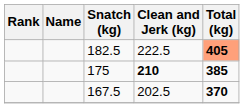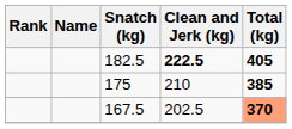 <table class="wikitable">
 <tr>
 <th>Rank</th>
 <th>Name</th>
 <th>Snatch <br> (kg)</th>
 <th>Clean and <br> Jerk (kg)</th>
 <th>Total <br> (kg)</th>
 </tr>
 <tr>
 <td align=center></td>
 <td></td>
 <td>182.5</td>
-<td>222.5</td>
-<td style="background: lightsalmon;"><strong>405</strong></td>
+<td><strong>222.5</strong></td>
+<td><strong>405</strong></td>
 </tr>
 <tr>
 <td align=center></td>
 <td></td>
 <td>175</td>
-<td><strong>210</strong></td>
+<td>210</td>
 <td><strong>385</strong></td>
 </tr>
 <tr>
 <td align=center></td>
 <td></td>
 <td>167.5</td>
 <td>202.5</td>
-<td><strong>370</strong></td>
+<td style="background: lightsalmon;"><strong>370</strong></td>
 </tr>
 <tr>
 </tr>
 </table>
